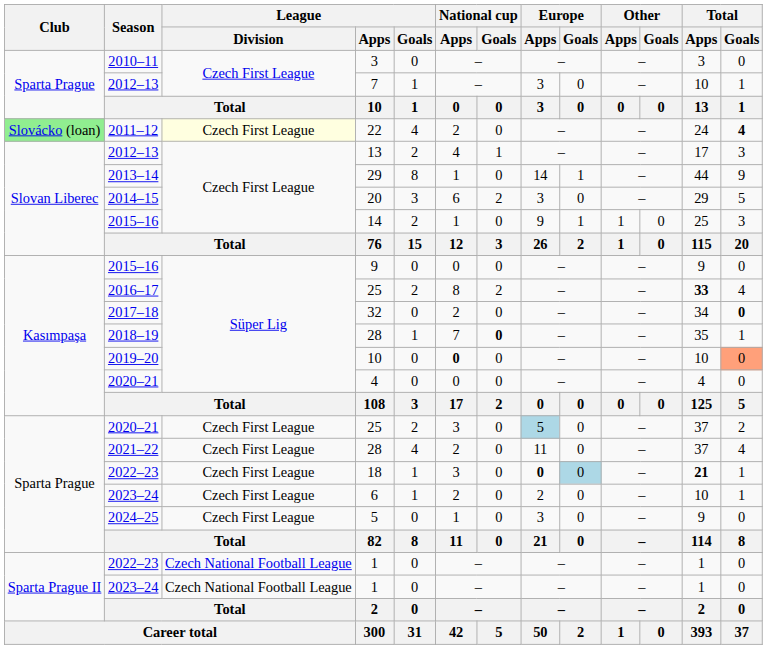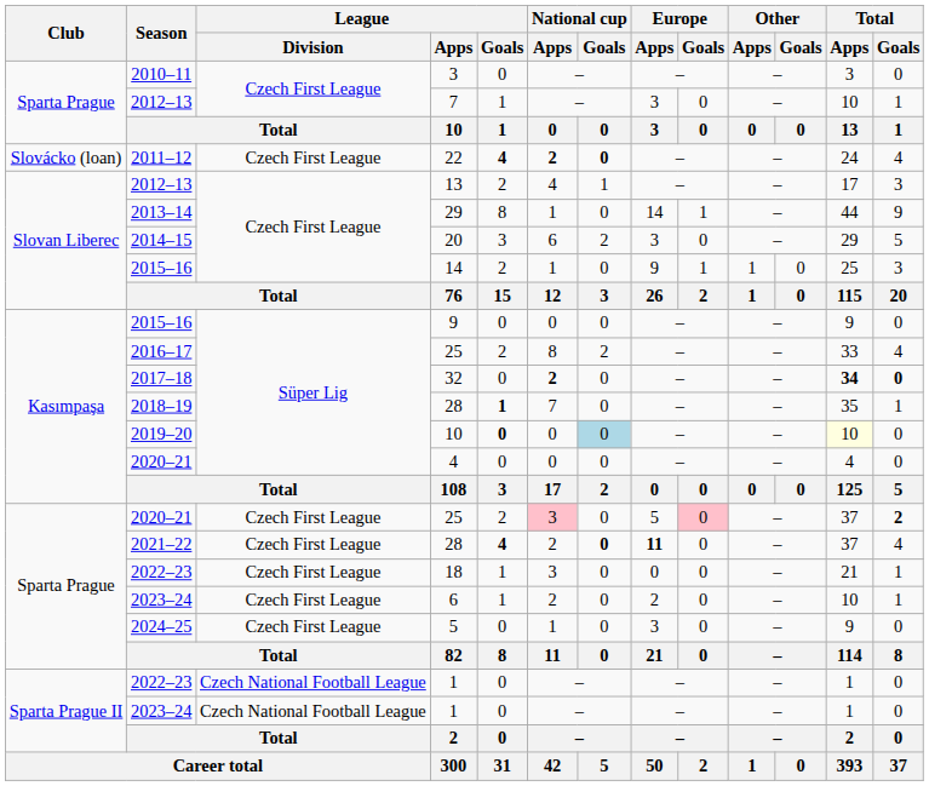 <table class="wikitable" style="text-align:center">
 <tr>
 <th rowspan="2">Club</th>
 <th rowspan="2">Season</th>
 <th colspan="3">League</th>
 <th colspan="2">National cup</th>
 <th colspan="2">Europe</th>
 <th colspan="2">Other</th>
 <th colspan="2">Total</th>
 </tr>
 <tr>
 <th>Division</th>
 <th>Apps</th>
 <th>Goals</th>
 <th>Apps</th>
 <th>Goals</th>
 <th>Apps</th>
 <th>Goals</th>
 <th>Apps</th>
 <th>Goals</th>
 <th>Apps</th>
 <th>Goals</th>
 </tr>
 <tr>
 <td rowspan="3"><a href='#'>Sparta Prague</a></td>
 <td><a href='#'>2010–11</a></td>
 <td rowspan="2"><a href='#'>Czech First League</a></td>
 <td>3</td>
 <td>0</td>
 <td colspan="2">–</td>
 <td colspan="2">–</td>
 <td colspan="2">–</td>
 <td>3</td>
 <td>0</td>
 </tr>
 <tr>
 <td><a href='#'>2012–13</a></td>
 <td>7</td>
 <td>1</td>
 <td colspan="2">–</td>
 <td>3</td>
 <td>0</td>
 <td colspan="2">–</td>
 <td>10</td>
 <td>1</td>
 </tr>
 <tr>
 <th colspan="2">Total</th>
 <th>10</th>
 <th>1</th>
 <th>0</th>
 <th>0</th>
 <th>3</th>
 <th>0</th>
 <th>0</th>
 <th>0</th>
 <th>13</th>
 <th>1</th>
 </tr>
 <tr>
-<td style="background: lightgreen;"><a href='#'>Slovácko</a> (loan)</td>
+<td><a href='#'>Slovácko</a> (loan)</td>
 <td><a href='#'>2011–12</a></td>
-<td style="background: lightyellow;">Czech First League</td>
+<td>Czech First League</td>
 <td>22</td>
-<td>4</td>
-<td>2</td>
-<td>0</td>
+<td><strong>4</strong></td>
+<td><strong>2</strong></td>
+<td><strong>0</strong></td>
 <td colspan="2">–</td>
 <td colspan="2">–</td>
 <td>24</td>
-<td><strong>4</strong></td>
+<td>4</td>
 </tr>
 <tr>
 <td rowspan="5"><a href='#'>Slovan Liberec</a></td>
 <td><a href='#'>2012–13</a></td>
 <td rowspan="4">Czech First League</td>
 <td>13</td>
 <td>2</td>
 <td>4</td>
 <td>1</td>
 <td colspan="2">–</td>
 <td colspan="2">–</td>
 <td>17</td>
 <td>3</td>
 </tr>
 <tr>
 <td><a href='#'>2013–14</a></td>
 <td>29</td>
 <td>8</td>
 <td>1</td>
 <td>0</td>
 <td>14</td>
 <td>1</td>
 <td colspan="2">–</td>
 <td>44</td>
 <td>9</td>
 </tr>
 <tr>
 <td><a href='#'>2014–15</a></td>
 <td>20</td>
 <td>3</td>
 <td>6</td>
 <td>2</td>
 <td>3</td>
 <td>0</td>
 <td colspan="2">–</td>
 <td>29</td>
 <td>5</td>
 </tr>
 <tr>
 <td><a href='#'>2015–16</a></td>
 <td>14</td>
 <td>2</td>
 <td>1</td>
 <td>0</td>
 <td>9</td>
 <td>1</td>
 <td>1</td>
 <td>0</td>
 <td>25</td>
 <td>3</td>
 </tr>
 <tr>
 <th colspan="2">Total</th>
 <th>76</th>
 <th>15</th>
 <th>12</th>
 <th>3</th>
 <th>26</th>
 <th>2</th>
 <th>1</th>
 <th>0</th>
 <th>115</th>
 <th>20</th>
 </tr>
 <tr>
 <td rowspan="7"><a href='#'>Kasımpaşa</a></td>
 <td><a href='#'>2015–16</a></td>
 <td rowspan="6"><a href='#'>Süper Lig</a></td>
 <td>9</td>
 <td>0</td>
 <td>0</td>
 <td>0</td>
 <td colspan="2">–</td>
 <td colspan="2">–</td>
 <td>9</td>
 <td>0</td>
 </tr>
 <tr>
 <td><a href='#'>2016–17</a></td>
 <td>25</td>
 <td>2</td>
 <td>8</td>
 <td>2</td>
 <td colspan="2">–</td>
 <td colspan="2">–</td>
-<td><strong>33</strong></td>
+<td>33</td>
 <td>4</td>
 </tr>
 <tr>
 <td><a href='#'>2017–18</a></td>
 <td>32</td>
 <td>0</td>
-<td>2</td>
+<td><strong>2</strong></td>
 <td>0</td>
 <td colspan="2">–</td>
 <td colspan="2">–</td>
-<td>34</td>
+<td><strong>34</strong></td>
 <td><strong>0</strong></td>
 </tr>
 <tr>
 <td><a href='#'>2018–19</a></td>
 <td>28</td>
-<td>1</td>
+<td><strong>1</strong></td>
 <td>7</td>
-<td><strong>0</strong></td>
+<td>0</td>
 <td colspan="2">–</td>
 <td colspan="2">–</td>
 <td>35</td>
 <td>1</td>
 </tr>
 <tr>
 <td><a href='#'>2019–20</a></td>
 <td>10</td>
-<td>0</td>
 <td><strong>0</strong></td>
 <td>0</td>
+<td style="background: lightblue;">0</td>
 <td colspan="2">–</td>
 <td colspan="2">–</td>
-<td>10</td>
-<td style="background: lightsalmon;">0</td>
+<td style="background: lightyellow;">10</td>
+<td>0</td>
 </tr>
 <tr>
 <td><a href='#'>2020–21</a></td>
 <td>4</td>
 <td>0</td>
 <td>0</td>
 <td>0</td>
 <td colspan="2">–</td>
 <td colspan="2">–</td>
 <td>4</td>
 <td>0</td>
 </tr>
 <tr>
 <th colspan="2">Total</th>
 <th>108</th>
 <th>3</th>
 <th>17</th>
 <th>2</th>
 <th>0</th>
 <th>0</th>
 <th>0</th>
 <th>0</th>
 <th>125</th>
 <th>5</th>
 </tr>
 <tr>
 <td rowspan="6">Sparta Prague</td>
 <td><a href='#'>2020–21</a></td>
 <td>Czech First League</td>
 <td>25</td>
 <td>2</td>
-<td>3</td>
+<td style="background: pink;">3</td>
 <td>0</td>
-<td style="background: lightblue;">5</td>
-<td>0</td>
+<td>5</td>
+<td style="background: pink;">0</td>
 <td colspan="2">–</td>
 <td>37</td>
-<td>2</td>
+<td><strong>2</strong></td>
 </tr>
 <tr>
 <td><a href='#'>2021–22</a></td>
 <td>Czech First League</td>
 <td>28</td>
-<td>4</td>
+<td><strong>4</strong></td>
 <td>2</td>
-<td>0</td>
-<td>11</td>
+<td><strong>0</strong></td>
+<td><strong>11</strong></td>
 <td>0</td>
 <td colspan="2">–</td>
 <td>37</td>
 <td>4</td>
 </tr>
 <tr>
 <td><a href='#'>2022–23</a></td>
 <td>Czech First League</td>
 <td>18</td>
 <td>1</td>
 <td>3</td>
 <td>0</td>
-<td><strong>0</strong></td>
-<td style="background: lightblue;">0</td>
+<td>0</td>
+<td>0</td>
 <td colspan="2">–</td>
-<td><strong>21</strong></td>
+<td>21</td>
 <td>1</td>
 </tr>
 <tr>
 <td><a href='#'>2023–24</a></td>
 <td>Czech First League</td>
 <td>6</td>
 <td>1</td>
 <td>2</td>
 <td>0</td>
 <td>2</td>
 <td>0</td>
 <td colspan="2">–</td>
 <td>10</td>
 <td>1</td>
 </tr>
 <tr>
 <td><a href='#'>2024–25</a></td>
 <td>Czech First League</td>
 <td>5</td>
 <td>0</td>
 <td>1</td>
 <td>0</td>
 <td>3</td>
 <td>0</td>
 <td colspan="2">–</td>
 <td>9</td>
 <td>0</td>
 </tr>
 <tr>
 <th colspan="2">Total</th>
 <th>82</th>
 <th>8</th>
 <th>11</th>
 <th>0</th>
 <th>21</th>
 <th>0</th>
 <th colspan="2">–</th>
 <th>114</th>
 <th>8</th>
 </tr>
 <tr>
 <td rowspan="3"><a href='#'>Sparta Prague II</a></td>
 <td><a href='#'>2022–23</a></td>
 <td><a href='#'>Czech National Football League</a></td>
 <td>1</td>
 <td>0</td>
 <td colspan="2">–</td>
 <td colspan="2">–</td>
 <td colspan="2">–</td>
 <td>1</td>
 <td>0</td>
 </tr>
 <tr>
 <td><a href='#'>2023–24</a></td>
 <td>Czech National Football League</td>
 <td>1</td>
 <td>0</td>
 <td colspan="2">–</td>
 <td colspan="2">–</td>
 <td colspan="2">–</td>
 <td>1</td>
 <td>0</td>
 </tr>
 <tr>
 <th colspan="2">Total</th>
 <th>2</th>
 <th>0</th>
 <th colspan="2">–</th>
 <th colspan="2">–</th>
 <th colspan="2">–</th>
 <th>2</th>
 <th>0</th>
 </tr>
 <tr>
 <th colspan="3">Career total</th>
 <th>300</th>
 <th>31</th>
 <th>42</th>
 <th>5</th>
 <th>50</th>
 <th>2</th>
 <th>1</th>
 <th>0</th>
 <th>393</th>
 <th>37</th>
 </tr>
 </table>
